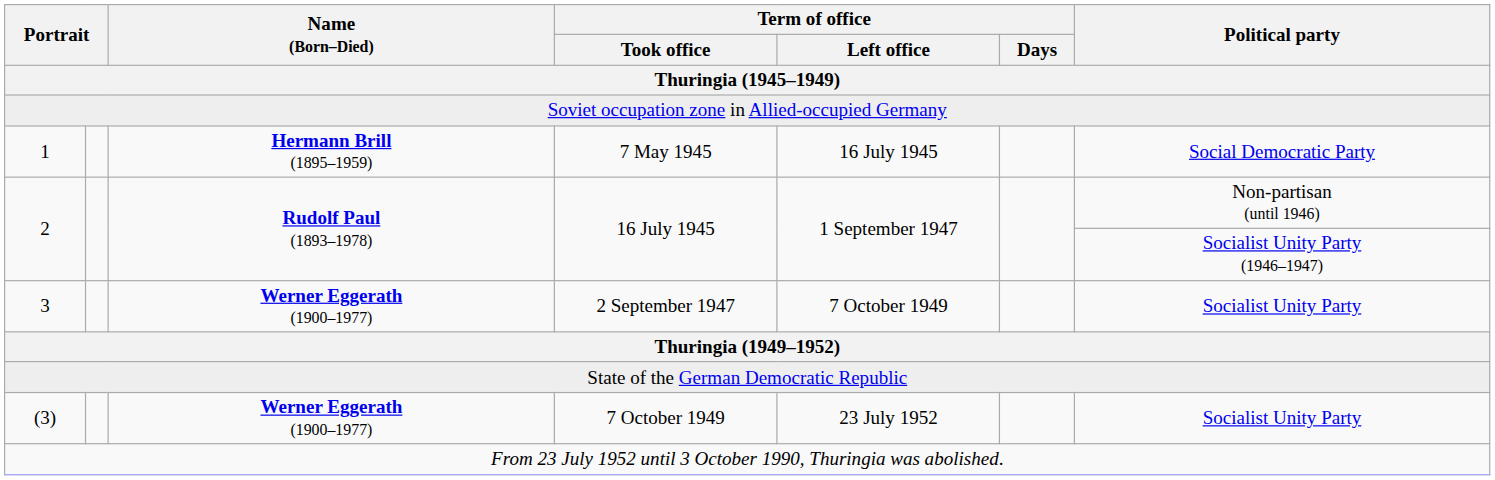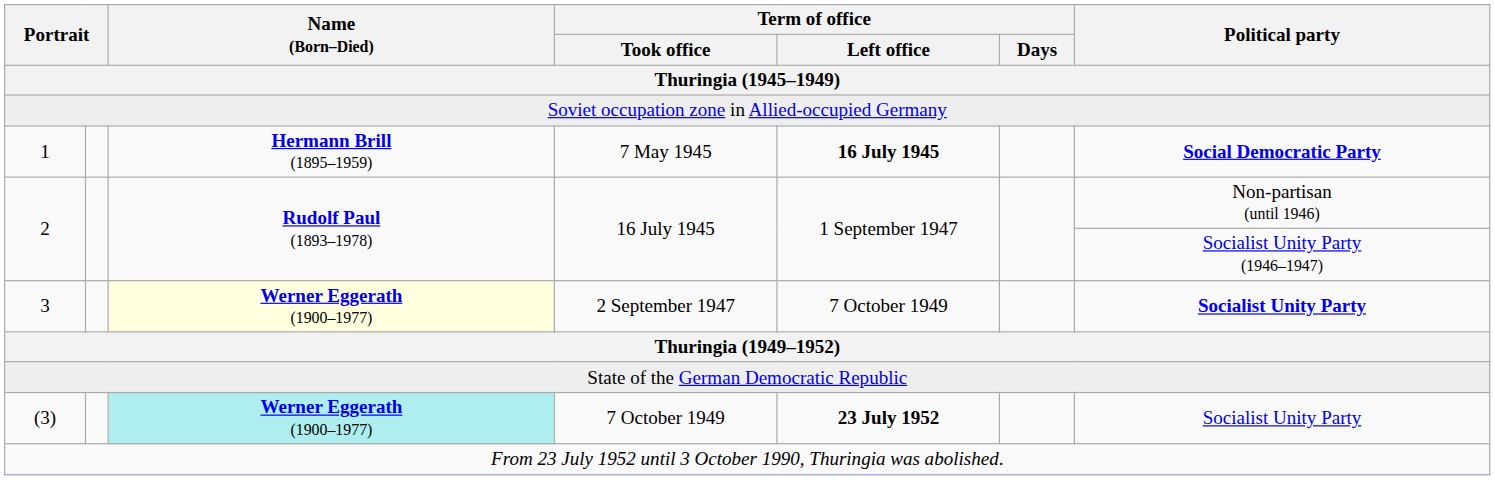 <table class="wikitable" style="text-align:center; border:1px #AAAAFF solid">
 <tr>
 <th width=80px rowspan=2 colspan=2>Portrait</th>
 <th width=30% rowspan=2>Name<br><small>(Born–Died)</small></th>
 <th width=35% colspan=3>Term of office</th>
 <th width=28% rowspan=2>Political party</th>
 </tr>
 <tr>
 <th>Took office</th>
 <th>Left office</th>
 <th>Days</th>
 </tr>
 <tr>
 <th colspan="7">Thuringia (1945–1949)</th>
 </tr>
 <tr>
 <td bgcolor=#EEEEEE colspan=8><a href='#'>Soviet occupation zone</a> in <a href='#'>Allied-occupied Germany</a></td>
 </tr>
 <tr>
 <td style="background:">1</td>
 <td></td>
 <td><strong><a href='#'>Hermann Brill</a></strong><br><small>(1895–1959)</small><br></td>
 <td>7 May 1945</td>
-<td>16 July 1945 </td>
+<td><strong>16 July 1945 </strong></td>
 <td></td>
-<td><a href='#'>Social Democratic Party</a></td>
+<td><strong><a href='#'>Social Democratic Party</a></strong></td>
 </tr>
 <tr>
 <td rowspan="2" style="background:">2</td>
 <td rowspan="2"></td>
 <td rowspan="2"><strong><a href='#'>Rudolf Paul</a></strong><br><small>(1893–1978)</small><br></td>
 <td rowspan="2">16 July 1945</td>
 <td rowspan="2">1 September 1947 </td>
 <td rowspan="2"></td>
 <td>Non-partisan<br><small>(until 1946)</small></td>
 </tr>
 <tr>
 <td><a href='#'>Socialist Unity Party</a><br><small>(1946–1947)</small></td>
 </tr>
 <tr>
 <td style="background:">3</td>
 <td></td>
-<td><strong><a href='#'>Werner Eggerath</a></strong><br><small>(1900–1977)</small><br></td>
+<td style="background: lightyellow;"><strong><a href='#'>Werner Eggerath</a></strong><br><small>(1900–1977)</small><br></td>
 <td>2 September 1947</td>
 <td>7 October 1949</td>
 <td></td>
-<td><a href='#'>Socialist Unity Party</a></td>
+<td><strong><a href='#'>Socialist Unity Party</a></strong></td>
 </tr>
 <tr>
 <th colspan="7">Thuringia (1949–1952)</th>
 </tr>
 <tr>
 <td bgcolor=#EEEEEE colspan=8>State of the <a href='#'>German Democratic Republic</a></td>
 </tr>
 <tr>
 <td style="background:">(3)</td>
 <td></td>
-<td><strong><a href='#'>Werner Eggerath</a></strong><br><small>(1900–1977)</small><br></td>
+<td style="background: paleturquoise;"><strong><a href='#'>Werner Eggerath</a></strong><br><small>(1900–1977)</small><br></td>
 <td>7 October 1949</td>
-<td>23 July 1952</td>
+<td><strong>23 July 1952</strong></td>
 <td></td>
 <td><a href='#'>Socialist Unity Party</a></td>
 </tr>
 <tr>
 <td colspan="7"><em>From 23 July 1952 until 3 October 1990, Thuringia was abolished</em>.</td>
 </tr>
 <tr>
 </tr>
 </table>
